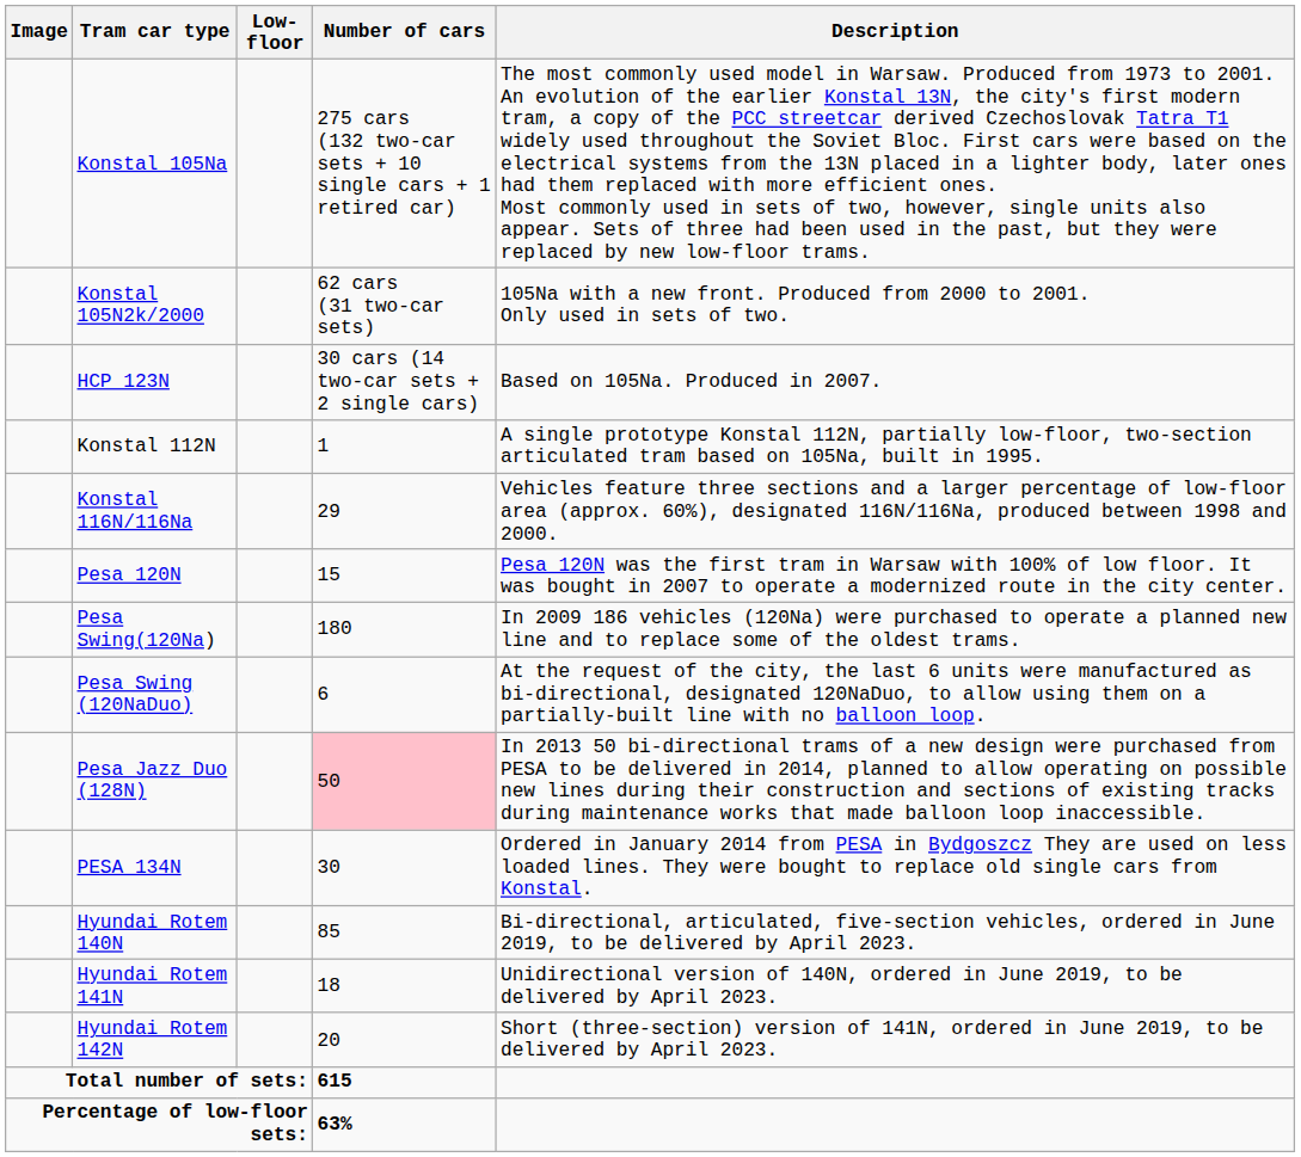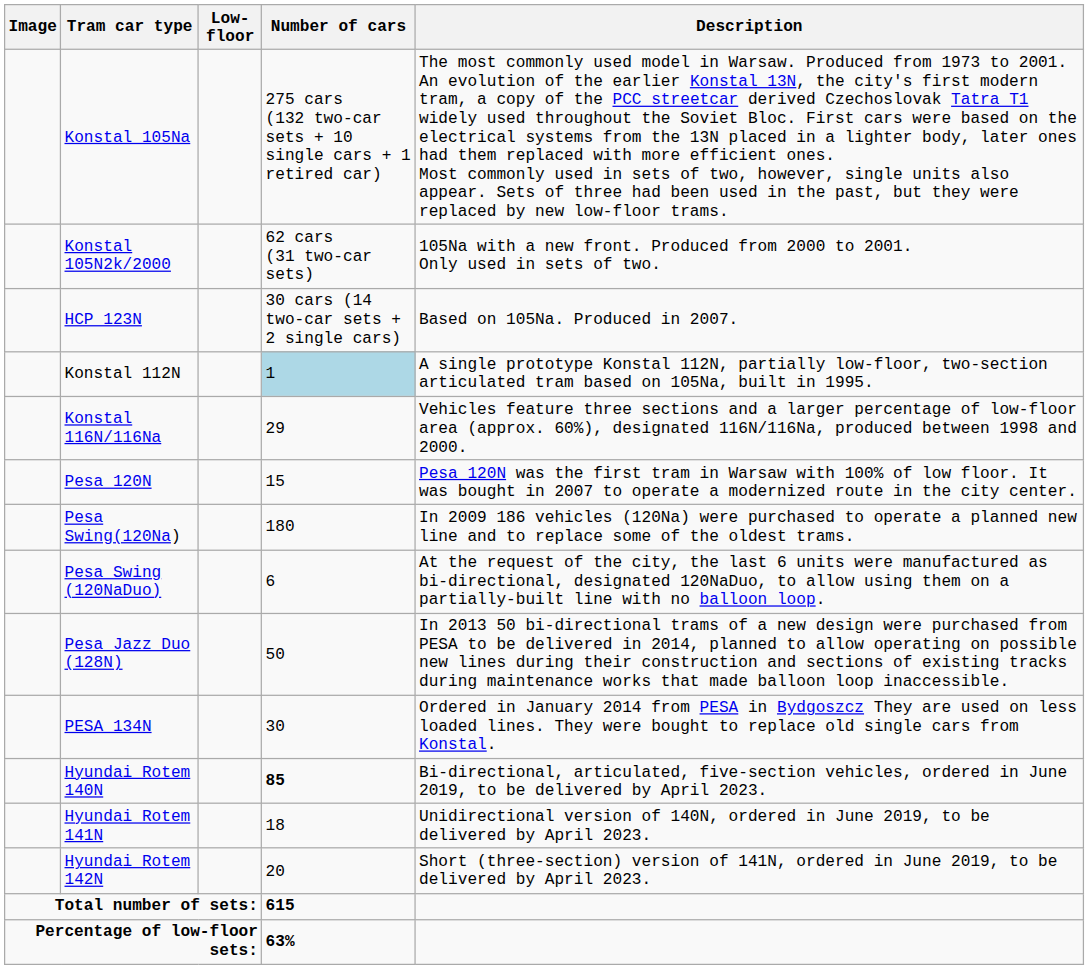 <table class="wikitable" border="1">
 <tr>
 <th>Image</th>
 <th>Tram car type</th>
 <th>Low-floor</th>
 <th>Number of cars</th>
 <th>Description</th>
 </tr>
 <tr>
 <td><br></td>
 <td><a href='#'>Konstal 105Na</a></td>
 <td></td>
 <td>275 cars<br>(132 two-car sets + 10 single cars + 1 retired car)</td>
 <td>The most commonly used model in Warsaw. Produced from 1973 to 2001.<br>An evolution of the earlier <a href='#'>Konstal 13N</a>, the city's first modern tram, a copy of the <a href='#'>PCC streetcar</a> derived Czechoslovak <a href='#'>Tatra T1</a> widely used throughout the Soviet Bloc. First cars were based on the electrical systems from the 13N placed in a lighter body, later ones had them replaced with more efficient ones.<br>Most commonly used in sets of two, however, single units also appear. Sets of three had been used in the past, but they were replaced by new low-floor trams.</td>
 </tr>
 <tr>
 <td></td>
 <td><a href='#'>Konstal</a> <a href='#'>105N2k/2000</a></td>
 <td></td>
 <td>62 cars<br>(31 two-car sets)</td>
 <td>105Na with a new front. Produced from 2000 to 2001.<br>Only used in sets of two.</td>
 </tr>
 <tr>
 <td></td>
 <td><a href='#'>HCP 123N</a></td>
 <td></td>
 <td>30 cars (14 two-car sets + 2 single cars)</td>
 <td>Based on 105Na. Produced in 2007.</td>
 </tr>
 <tr>
 <td></td>
 <td>Konstal 112N</td>
 <td></td>
-<td>1</td>
+<td style="background: lightblue;">1</td>
 <td>A single prototype Konstal 112N, partially low-floor, two-section articulated tram based on 105Na, built in 1995.</td>
 </tr>
 <tr>
 <td></td>
 <td><a href='#'>Konstal 116N/116Na</a></td>
 <td></td>
 <td>29</td>
 <td>Vehicles feature three sections and a larger percentage of low-floor area (approx. 60%), designated 116N/116Na, produced between 1998 and 2000.</td>
 </tr>
 <tr>
 <td></td>
 <td><a href='#'>Pesa 120N</a></td>
 <td></td>
 <td>15</td>
 <td><a href='#'>Pesa 120N</a> was the first tram in Warsaw with 100% of low floor. It was bought in 2007 to operate a modernized route in the city center.</td>
 </tr>
 <tr>
 <td></td>
 <td><a href='#'>Pesa Swing(120Na</a>)</td>
 <td></td>
 <td>180</td>
 <td>In 2009 186 vehicles (120Na) were purchased to operate a planned new line and to replace some of the oldest trams.</td>
 </tr>
 <tr>
 <td></td>
 <td><a href='#'>Pesa Swing</a><br><a href='#'>(120NaDuo)</a></td>
 <td></td>
 <td>6</td>
 <td>At the request of the city, the last 6 units were manufactured as bi-directional, designated 120NaDuo, to allow using them on a partially-built line with no <a href='#'>balloon loop</a>.</td>
 </tr>
 <tr>
 <td></td>
 <td><a href='#'>Pesa Jazz Duo (128N)</a></td>
 <td></td>
-<td style="background: pink;">50</td>
+<td>50</td>
 <td>In 2013 50 bi-directional trams of a new design were purchased from PESA to be delivered in 2014, planned to allow operating on possible new lines during their construction and sections of existing tracks during maintenance works that made balloon loop inaccessible.</td>
 </tr>
 <tr>
 <td></td>
 <td><a href='#'>PESA 134N</a></td>
 <td></td>
 <td>30</td>
 <td>Ordered in January 2014 from <a href='#'>PESA</a> in <a href='#'>Bydgoszcz</a> They are used on less loaded lines. They were bought to replace old single cars from <a href='#'>Konstal</a>.</td>
 </tr>
 <tr>
 <td></td>
 <td><a href='#'>Hyundai Rotem 140N</a></td>
 <td></td>
-<td>85</td>
+<td><strong>85</strong></td>
 <td>Bi-directional, articulated, five-section vehicles, ordered in June 2019, to be delivered by April 2023.</td>
 </tr>
 <tr>
 <td></td>
 <td><a href='#'>Hyundai Rotem 141N</a></td>
 <td></td>
 <td>18</td>
 <td>Unidirectional version of 140N, ordered in June 2019, to be delivered by April 2023.</td>
 </tr>
 <tr>
 <td></td>
 <td><a href='#'>Hyundai Rotem 142N</a></td>
 <td></td>
 <td>20</td>
 <td>Short (three-section) version of 141N, ordered in June 2019, to be delivered by April 2023.</td>
 </tr>
 <tr>
 <td colspan="3" style="text-align:right"><strong>Total number of sets:</strong></td>
 <td><strong>615</strong></td>
 <td></td>
 </tr>
 <tr>
 <td colspan="3" style="text-align:right"><strong>Percentage of low-floor sets:</strong></td>
 <td><strong>63%</strong></td>
 <td></td>
 </tr>
 </table>
